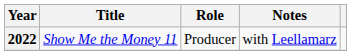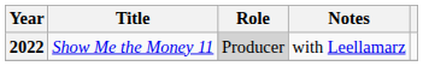 <table class="wikitable  plainrowheaders">
 <tr>
 <th scope="col">Year</th>
 <th scope="col">Title</th>
 <th scope="col">Role</th>
 <th scope="col">Notes</th>
 <th scope="col" class="unsortable"></th>
 </tr>
 <tr>
 <th scope="row">2022</th>
 <td><em><a href='#'>Show Me the Money 11</a></em></td>
-<td>Producer</td>
+<td style="background: lightgrey;">Producer</td>
 <td>with <a href='#'>Leellamarz</a></td>
 <td></td>
 </tr>
 <tr>
 </tr>
 </table>
